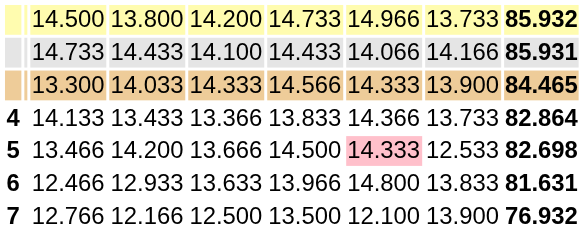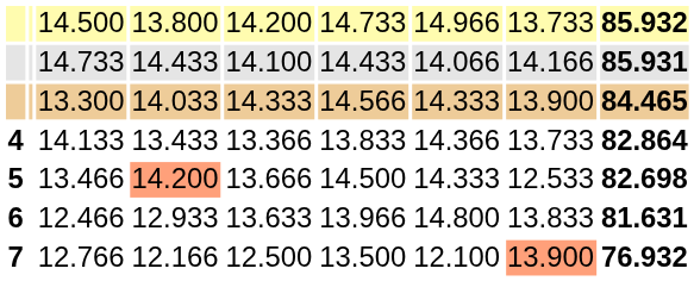 <table>
 <tr style="background:#fffcaf;">
 <th scope=row style="text-align:center"></th>
 <td align=left></td>
 <td>14.500</td>
 <td>13.800</td>
 <td>14.200</td>
 <td>14.733</td>
 <td>14.966</td>
 <td>13.733</td>
 <td><strong>85.932</strong></td>
 </tr>
 <tr style="background:#e5e5e5;">
 <th scope=row style="text-align:center"></th>
 <td align=left></td>
 <td>14.733</td>
 <td>14.433</td>
 <td>14.100</td>
 <td>14.433</td>
 <td>14.066</td>
 <td>14.166</td>
 <td><strong>85.931</strong></td>
 </tr>
 <tr style="background:#ec9;">
 <th scope=row style="text-align:center"></th>
 <td align=left></td>
 <td>13.300</td>
 <td>14.033</td>
 <td>14.333</td>
 <td>14.566</td>
 <td>14.333</td>
 <td>13.900</td>
 <td><strong>84.465</strong></td>
 </tr>
 <tr>
 <th scope=row style="text-align:center">4</th>
 <td align=left></td>
 <td>14.133</td>
 <td>13.433</td>
 <td>13.366</td>
 <td>13.833</td>
 <td>14.366</td>
 <td>13.733</td>
 <td><strong>82.864</strong></td>
 </tr>
 <tr>
 <th scope=row style="text-align:center">5</th>
 <td align=left></td>
 <td>13.466</td>
-<td>14.200</td>
+<td style="background: lightsalmon;">14.200</td>
 <td>13.666</td>
 <td>14.500</td>
-<td style="background: pink;">14.333</td>
+<td>14.333</td>
 <td>12.533</td>
 <td><strong>82.698</strong></td>
 </tr>
 <tr>
 <th scope=row style="text-align:center">6</th>
 <td align=left></td>
 <td>12.466</td>
 <td>12.933</td>
 <td>13.633</td>
 <td>13.966</td>
 <td>14.800</td>
 <td>13.833</td>
 <td><strong>81.631</strong></td>
 </tr>
 <tr>
 <th scope=row style="text-align:center">7</th>
 <td align=left></td>
 <td>12.766</td>
 <td>12.166</td>
 <td>12.500</td>
 <td>13.500</td>
 <td>12.100</td>
-<td>13.900</td>
+<td style="background: lightsalmon;">13.900</td>
 <td><strong>76.932</strong></td>
 </tr>
 </table>
